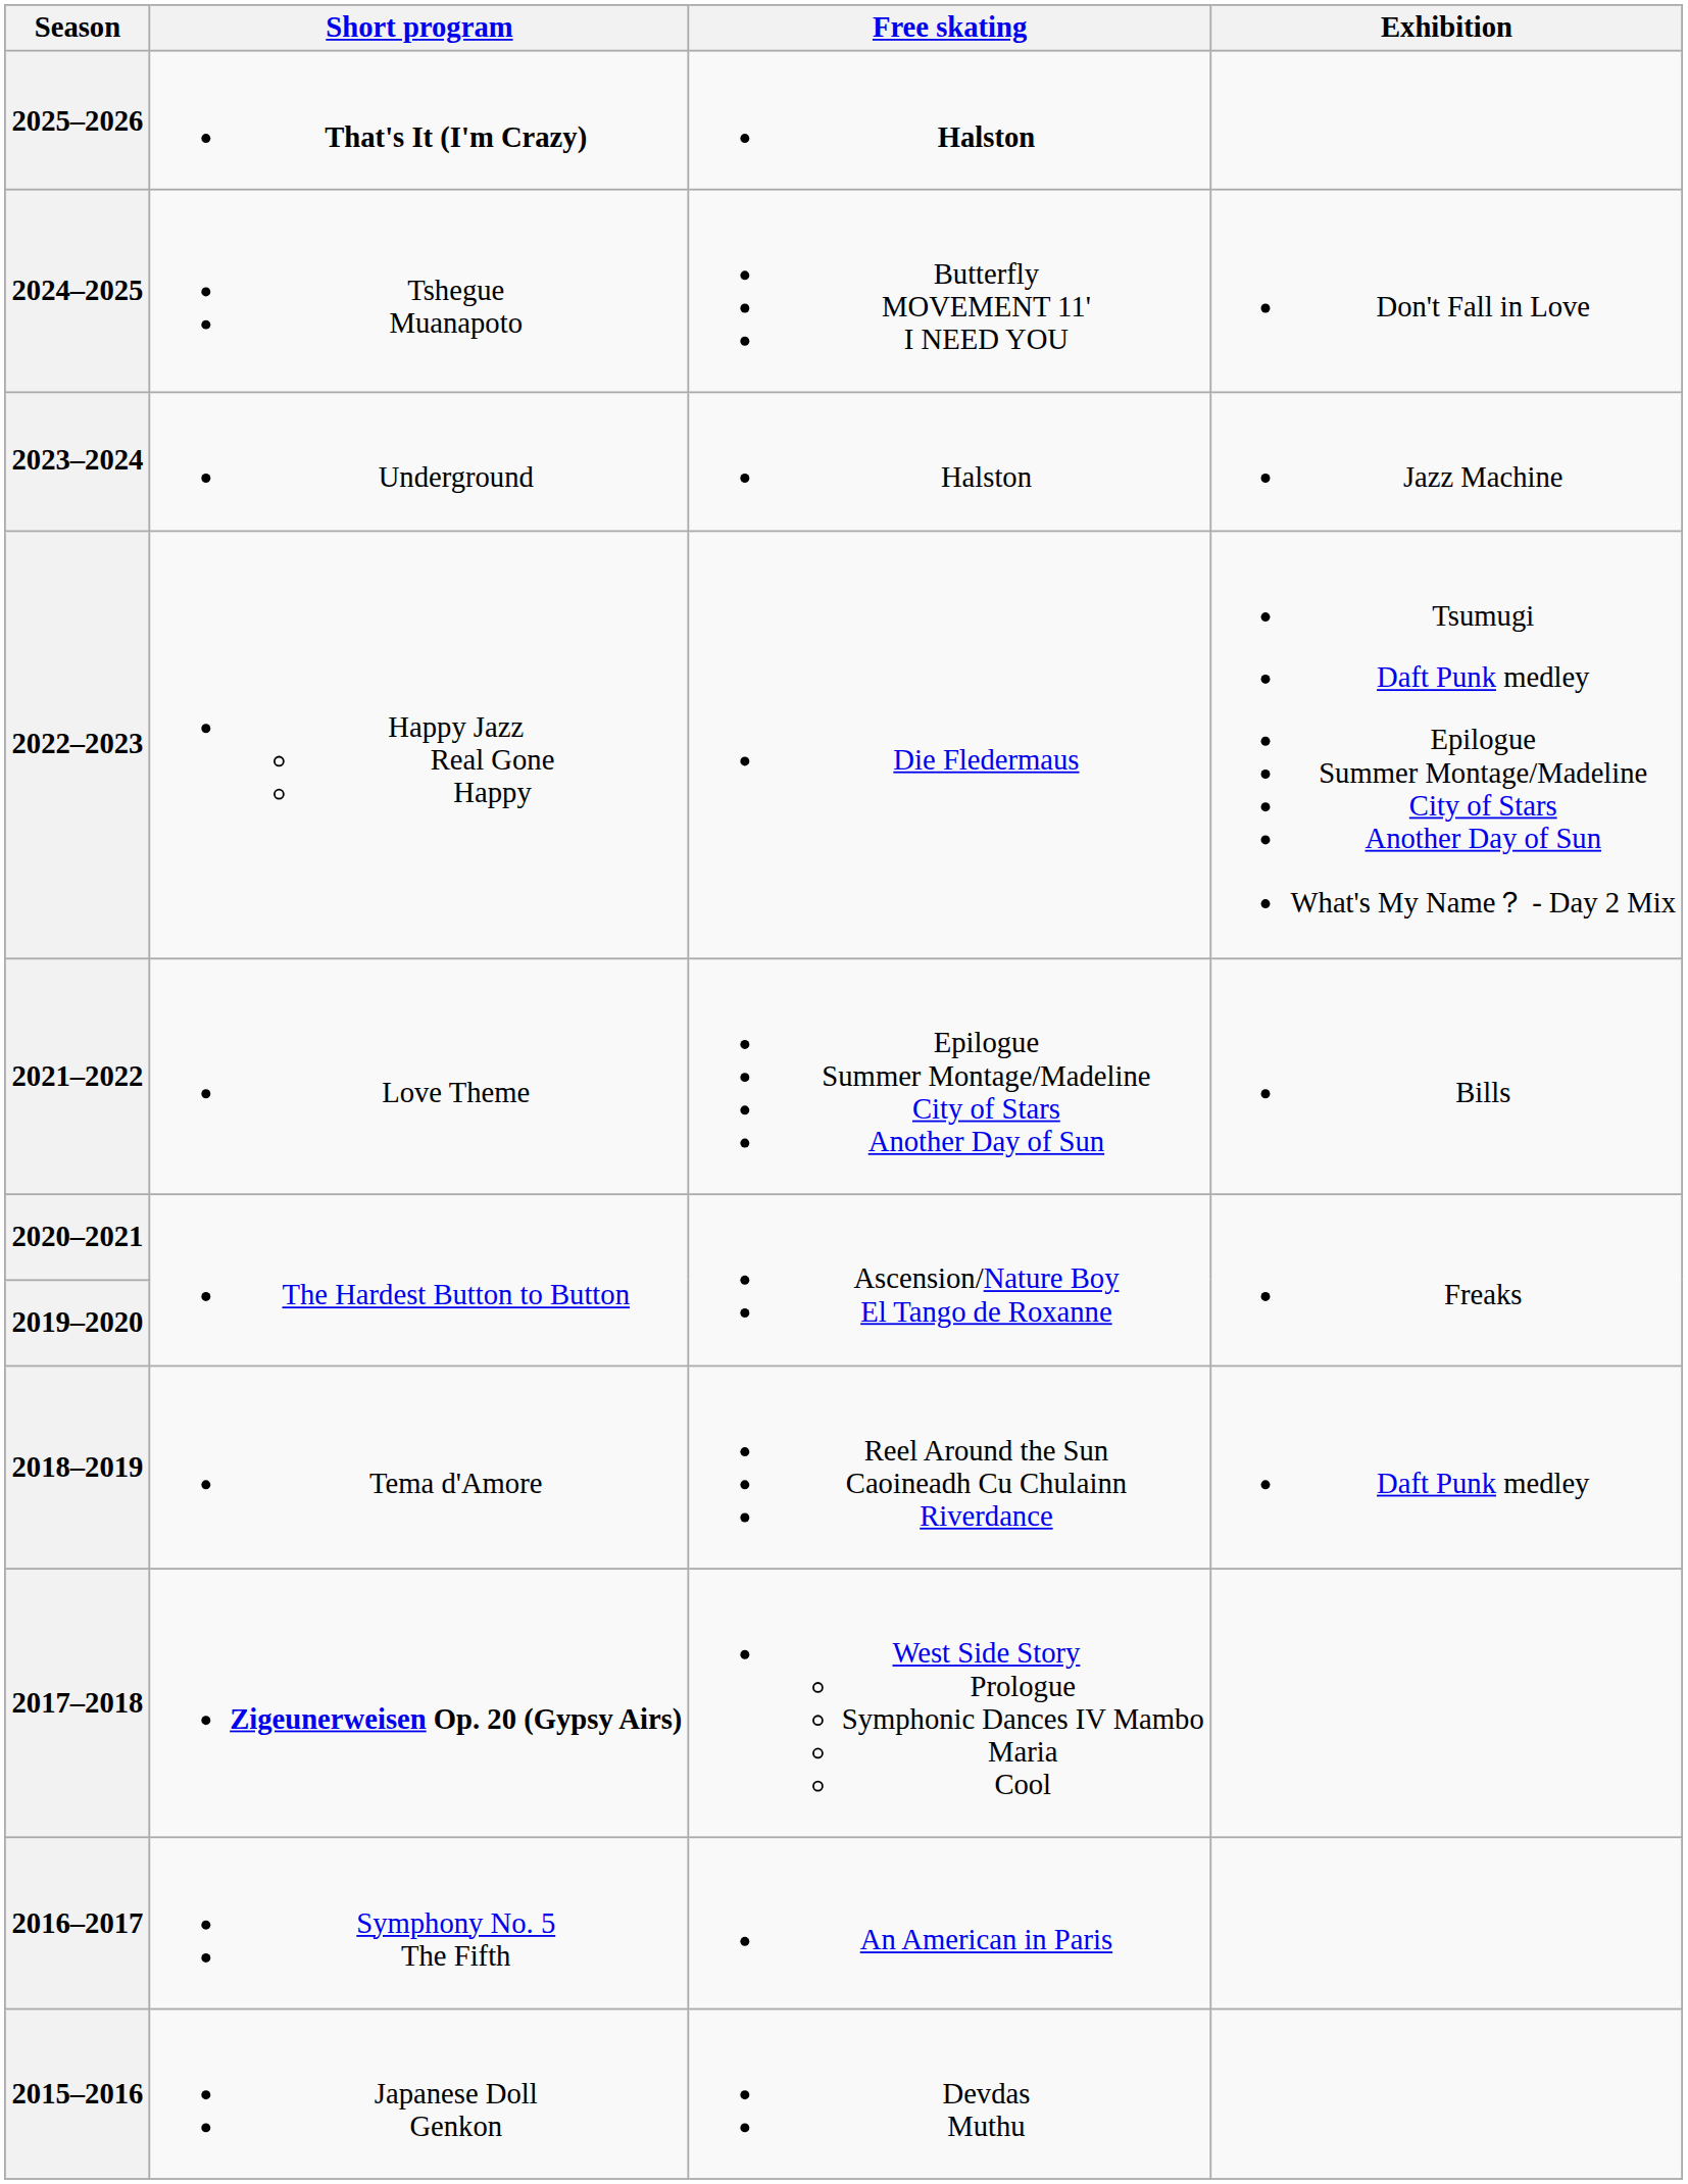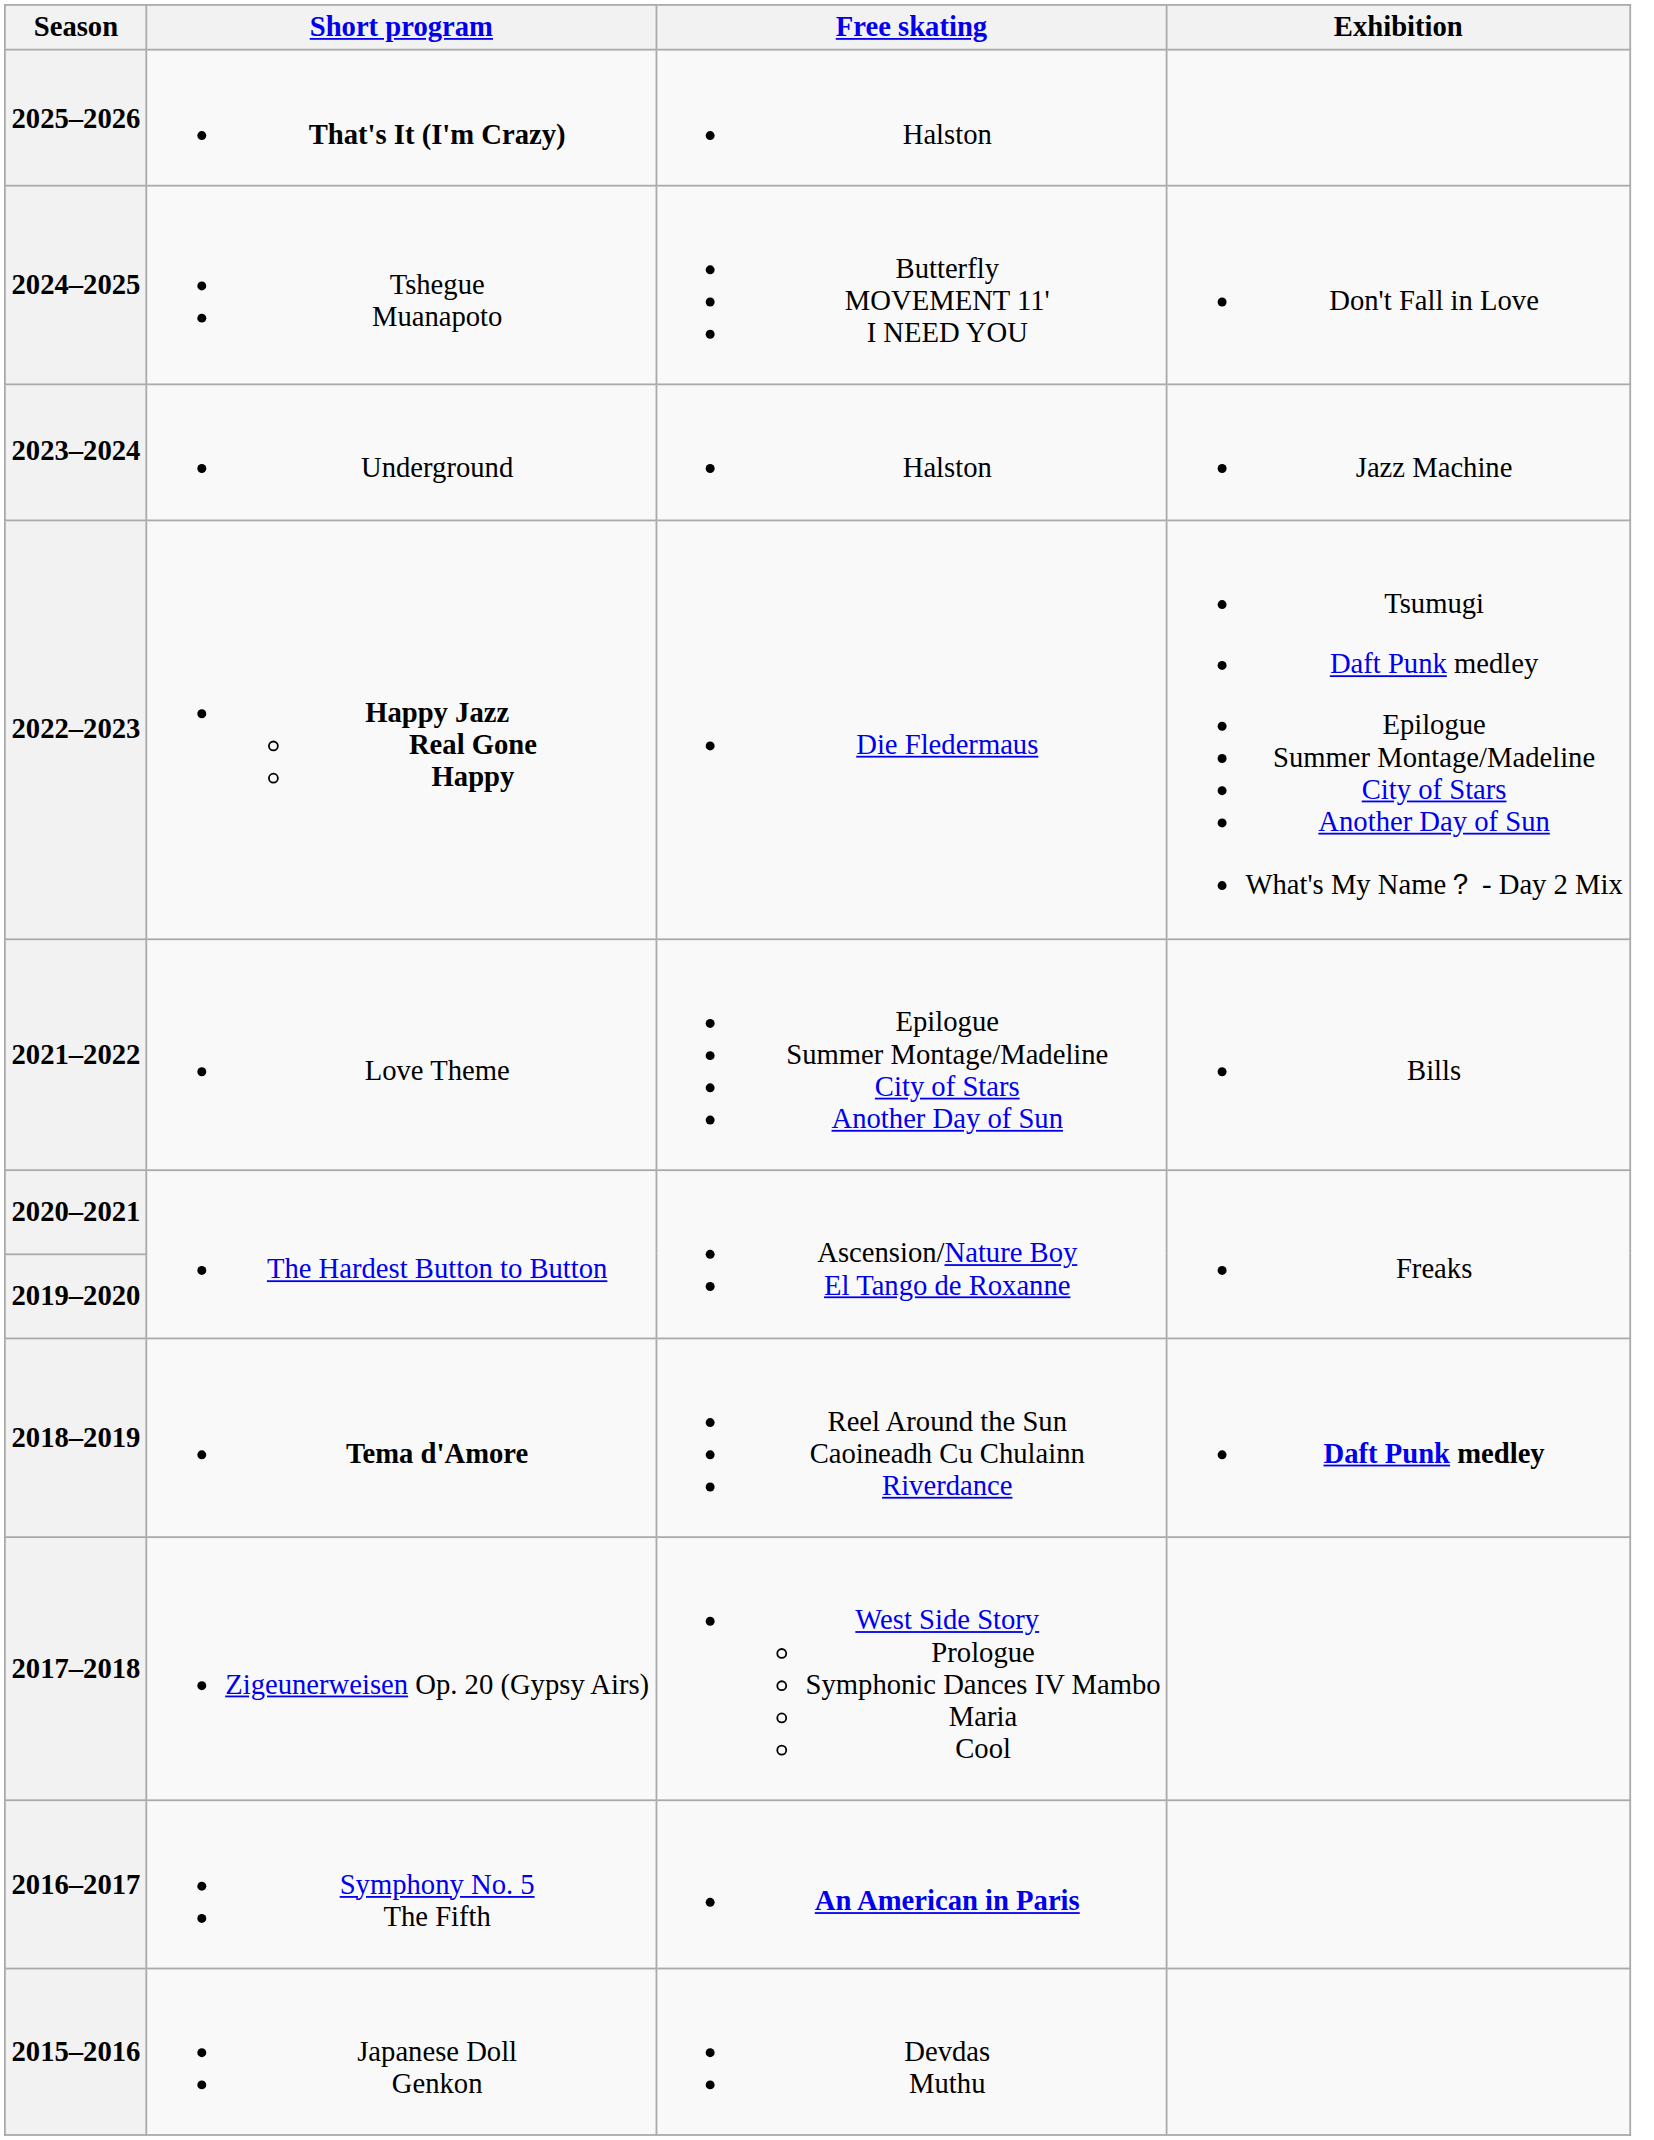 <table class=wikitable style=text-align:center>
 <tr>
 <th>Season</th>
 <th><a href='#'>Short program</a></th>
 <th><a href='#'>Free skating</a></th>
 <th>Exhibition</th>
 </tr>
 <tr>
 <th>2025–2026 <br> </th>
 <td><strong><br><ul><li>That's It (I'm Crazy) <br></li></ul></strong></td>
-<td><strong><br><ul><li>Halston<br></li></ul></strong></td>
+<td><br><ul><li>Halston<br></li></ul></td>
 <td></td>
 </tr>
 <tr>
 <th>2024–2025 <br> </th>
 <td><br><ul><li>Tshegue</li><li>Muanapoto <br></li></ul></td>
 <td><br><ul><li>Butterfly</li><li>MOVEMENT 11'</li><li>I NEED YOU <br></li></ul></td>
 <td><br><ul><li>Don't Fall in Love <br></li></ul></td>
 </tr>
 <tr>
 <th>2023–2024 <br> </th>
 <td><br><ul><li>Underground<br></li></ul></td>
 <td><br><ul><li>Halston<br></li></ul></td>
 <td><br><ul><li>Jazz Machine <br></li></ul></td>
 </tr>
 <tr>
 <th>2022–2023 <br> </th>
-<td><br><ul><li>Happy Jazz<ul><li>Real Gone<br></li><li>Happy<br></li></ul></li></ul></td>
+<td><strong><br><ul><li>Happy Jazz<ul><li>Real Gone<br></li><li>Happy<br></li></ul></li></ul></strong></td>
 <td><br><ul><li><a href='#'>Die Fledermaus</a><br></li></ul></td>
 <td><br><ul><li>Tsumugi <br></li></ul><ul><li><a href='#'>Daft Punk</a> medley <br> </li></ul><ul><li>Epilogue</li><li>Summer Montage/Madeline</li><li><a href='#'>City of Stars</a> <br></li><li><a href='#'>Another Day of Sun</a> <br></li></ul><ul><li>What's My Name？ - Day 2 Mix<br></li></ul></td>
 </tr>
 <tr>
 <th>2021–2022 <br> </th>
 <td><br><ul><li>Love Theme <br></li></ul></td>
 <td><br><ul><li>Epilogue</li><li>Summer Montage/Madeline</li><li><a href='#'>City of Stars</a> <br></li><li><a href='#'>Another Day of Sun</a> <br></li></ul></td>
 <td><br><ul><li>Bills <br></li></ul></td>
 </tr>
 <tr>
 <th>2020–2021<br></th>
 <td rowspan="2"><br><ul><li><a href='#'>The Hardest Button to Button</a> <br></li></ul></td>
 <td rowspan="2"><br><ul><li>Ascension/<a href='#'>Nature Boy</a> <br> </li><li><a href='#'>El Tango de Roxanne</a> <br></li></ul></td>
 <td rowspan="2"><br><ul><li>Freaks <br></li></ul></td>
 </tr>
 <tr>
 <th>2019–2020 <br> </th>
 </tr>
 <tr>
 <th>2018–2019 <br> </th>
-<td><br><ul><li>Tema d'Amore <br></li></ul></td>
+<td><strong><br><ul><li>Tema d'Amore <br></li></ul></strong></td>
 <td><br><ul><li>Reel Around the Sun <br></li><li>Caoineadh Cu Chulainn <br></li><li><a href='#'>Riverdance</a> <br></li></ul></td>
-<td><br><ul><li><a href='#'>Daft Punk</a> medley <br> </li></ul></td>
+<td><strong><br><ul><li><a href='#'>Daft Punk</a> medley <br> </li></ul></strong></td>
 </tr>
 <tr>
 <th>2017–2018 <br> </th>
-<td><strong><br><ul><li><a href='#'>Zigeunerweisen</a> Op. 20 (Gypsy Airs) <br></li></ul></strong></td>
+<td><br><ul><li><a href='#'>Zigeunerweisen</a> Op. 20 (Gypsy Airs) <br></li></ul></td>
 <td><br><ul><li><a href='#'>West Side Story</a> <br><ul><li>Prologue</li><li>Symphonic Dances IV Mambo</li><li>Maria</li><li>Cool</li></ul></li></ul></td>
 <td></td>
 </tr>
 <tr>
 <th>2016–2017 <br> </th>
 <td><br><ul><li><a href='#'>Symphony No. 5</a> <br></li><li>The Fifth <br></li></ul></td>
-<td><br><ul><li><a href='#'>An American in Paris</a> <br></li></ul></td>
+<td><strong><br><ul><li><a href='#'>An American in Paris</a> <br></li></ul></strong></td>
 <td></td>
 </tr>
 <tr>
 <th>2015–2016 <br> </th>
 <td><br><ul><li>Japanese Doll <br></li><li>Genkon <br></li></ul></td>
 <td><br><ul><li>Devdas <br></li><li>Muthu <br></li></ul></td>
 <td></td>
 </tr>
 </table>
